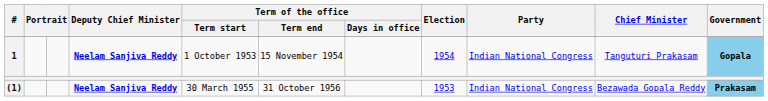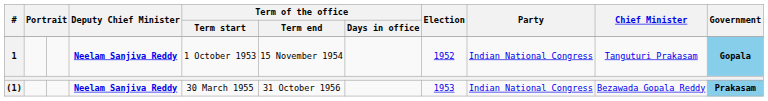 <table class="wikitable" style="line-height:1.4em; text-align:center">
 <tr>
 <th rowspan="2" scope="col">#</th>
 <th colspan="2" rowspan="2">Portrait</th>
 <th rowspan="2">Deputy Chief Minister<br></th>
 <th colspan="3">Term of the office</th>
 <th rowspan="2">Election<br></th>
 <th rowspan="2">Party</th>
 <th rowspan="2"><a href='#'>Chief Minister</a></th>
 <th rowspan="2"><strong>Government</strong></th>
 </tr>
 <tr>
 <th>Term start</th>
 <th><strong>Term end</strong></th>
 <th>Days in office</th>
 </tr>
 <tr>
 </tr>
 <tr style="height: 60px;">
 <th>1</th>
 <td></td>
 <td></td>
 <td><strong><a href='#'>Neelam Sanjiva Reddy</a></strong><br></td>
 <td>1 October 1953</td>
 <td>15 November 1954</td>
 <td></td>
-<td><a href='#'>1954</a><br></td>
+<td><a href='#'>1952</a><br></td>
 <td><a href='#'>Indian National Congress</a></td>
 <td><a href='#'>Tanguturi Prakasam</a></td>
 <td bgcolor="#87CEEB"><strong>Gopala</strong></td>
 </tr>
 <tr>
 <th colspan="11"></th>
 </tr>
 <tr>
 <th>(1)</th>
 <td></td>
 <td></td>
 <td><strong><a href='#'>Neelam Sanjiva Reddy</a></strong><br></td>
 <td>30 March 1955</td>
 <td>31 October 1956</td>
 <td></td>
 <td><a href='#'>1953</a><br></td>
 <td><a href='#'>Indian National Congress</a></td>
 <td><a href='#'>Bezawada Gopala Reddy</a></td>
 <td bgcolor="#87CEEB"><strong>Prakasam</strong></td>
 </tr>
 </table>
